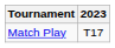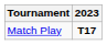 <table class="wikitable" style="text-align:center;">
 <tr>
 <th>Tournament</th>
 <th>2023</th>
 </tr>
 <tr>
 <td align="left"><a href='#'>Match Play</a></td>
-<td>T17</td>
+<td><strong>T17</strong></td>
 </tr>
 </table>
